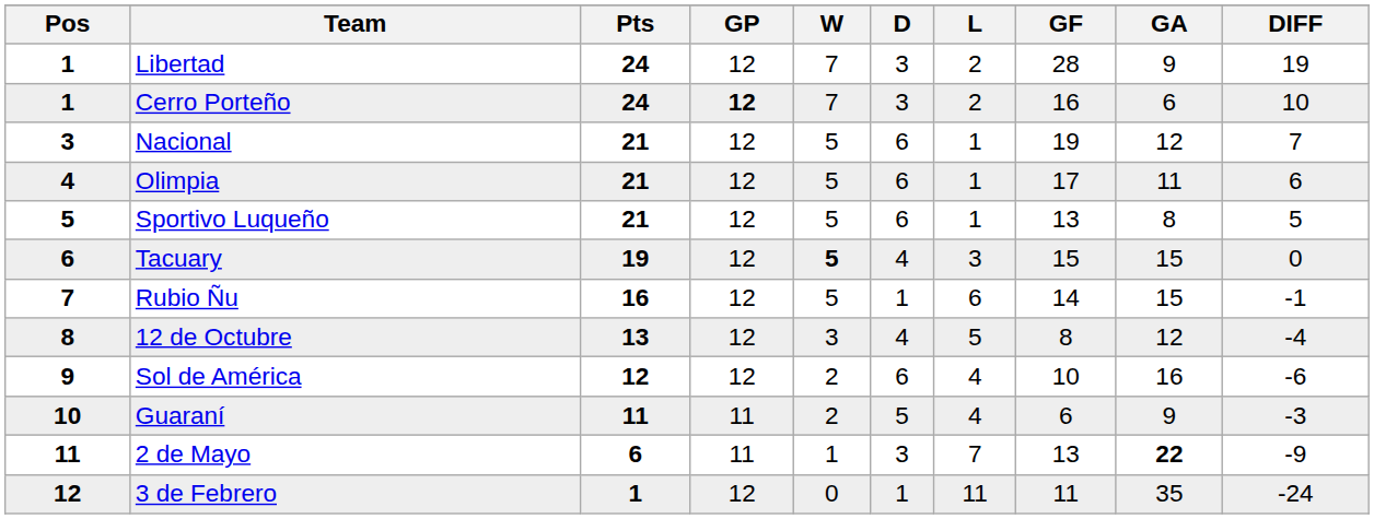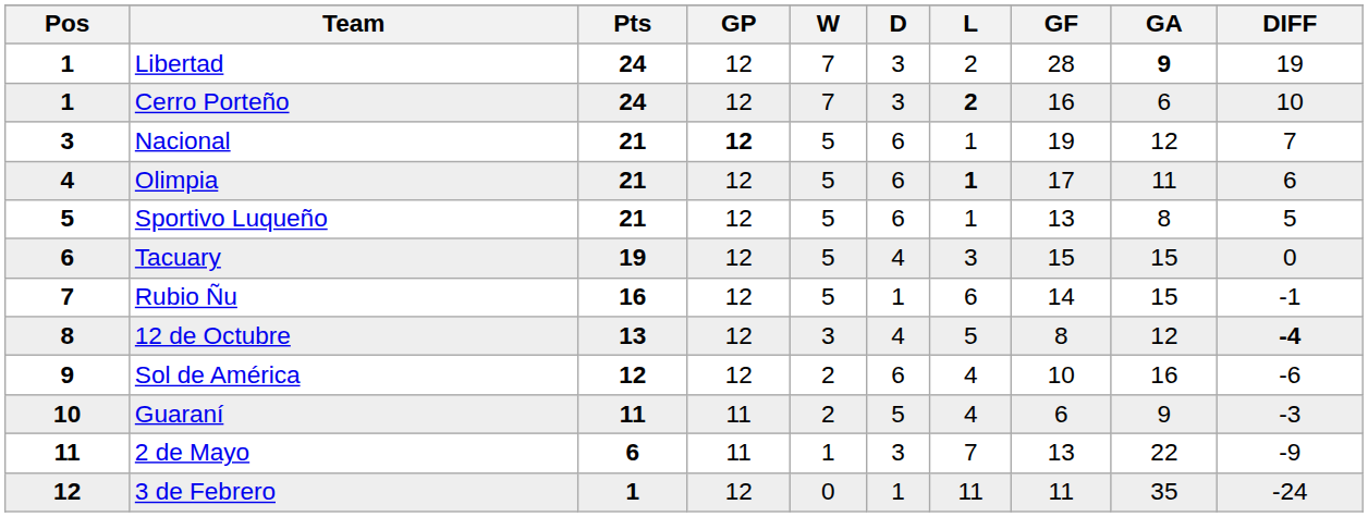 <table class="wikitable" width=70%>
 <tr style="background:#dddddd;">
 </tr>
 <tr style="background:#dddddd;">
 <th>Pos</th>
 <th>Team</th>
 <th>Pts</th>
 <th>GP</th>
 <th>W</th>
 <th>D</th>
 <th>L</th>
 <th>GF</th>
 <th>GA</th>
 <th>DIFF</th>
 </tr>
 <tr align=center style="background:#ffffff;">
 <td><strong>1</strong></td>
 <td align="left"><a href='#'>Libertad</a></td>
 <td><strong>24</strong></td>
 <td>12</td>
 <td>7</td>
 <td>3</td>
 <td>2</td>
 <td>28</td>
-<td>9</td>
+<td><strong>9</strong></td>
 <td>19</td>
 </tr>
 <tr align=center style="background:#eeeeee;">
 <td><strong>1</strong></td>
 <td align="left"><a href='#'>Cerro Porteño</a></td>
 <td><strong>24</strong></td>
-<td><strong>12</strong></td>
+<td>12</td>
 <td>7</td>
 <td>3</td>
-<td>2</td>
+<td><strong>2</strong></td>
 <td>16</td>
 <td>6</td>
 <td>10</td>
 </tr>
 <tr align=center style="background:#ffffff;">
 <td><strong>3</strong></td>
 <td align="left"><a href='#'>Nacional</a></td>
 <td><strong>21</strong></td>
-<td>12</td>
+<td><strong>12</strong></td>
 <td>5</td>
 <td>6</td>
 <td>1</td>
 <td>19</td>
 <td>12</td>
 <td>7</td>
 </tr>
 <tr align=center style="background:#eeeeee;">
 <td><strong>4</strong></td>
 <td align="left"><a href='#'>Olimpia</a></td>
 <td><strong>21</strong></td>
 <td>12</td>
 <td>5</td>
 <td>6</td>
-<td>1</td>
+<td><strong>1</strong></td>
 <td>17</td>
 <td>11</td>
 <td>6</td>
 </tr>
 <tr align=center style="background:#ffffff;">
 <td><strong>5</strong></td>
 <td align="left"><a href='#'>Sportivo Luqueño</a></td>
 <td><strong>21</strong></td>
 <td>12</td>
 <td>5</td>
 <td>6</td>
 <td>1</td>
 <td>13</td>
 <td>8</td>
 <td>5</td>
 </tr>
 <tr align=center style="background:#eeeeee;">
 <td><strong>6</strong></td>
 <td align="left"><a href='#'>Tacuary</a></td>
 <td><strong>19</strong></td>
 <td>12</td>
-<td><strong>5</strong></td>
+<td>5</td>
 <td>4</td>
 <td>3</td>
 <td>15</td>
 <td>15</td>
 <td>0</td>
 </tr>
 <tr align=center style="background:#ffffff;">
 <td><strong>7</strong></td>
 <td align="left"><a href='#'>Rubio Ñu</a></td>
 <td><strong>16</strong></td>
 <td>12</td>
 <td>5</td>
 <td>1</td>
 <td>6</td>
 <td>14</td>
 <td>15</td>
 <td>-1</td>
 </tr>
 <tr align=center style="background:#eeeeee;">
 <td><strong>8</strong></td>
 <td align="left"><a href='#'>12 de Octubre</a></td>
 <td><strong>13</strong></td>
 <td>12</td>
 <td>3</td>
 <td>4</td>
 <td>5</td>
 <td>8</td>
 <td>12</td>
-<td>-4</td>
+<td><strong>-4</strong></td>
 </tr>
 <tr align=center style="background:#ffffff;">
 <td><strong>9</strong></td>
 <td align="left"><a href='#'>Sol de América</a></td>
 <td><strong>12</strong></td>
 <td>12</td>
 <td>2</td>
 <td>6</td>
 <td>4</td>
 <td>10</td>
 <td>16</td>
 <td>-6</td>
 </tr>
 <tr align=center style="background:#eeeeee;">
 <td><strong>10</strong></td>
 <td align="left"><a href='#'>Guaraní</a></td>
 <td><strong>11</strong></td>
 <td>11</td>
 <td>2</td>
 <td>5</td>
 <td>4</td>
 <td>6</td>
 <td>9</td>
 <td>-3</td>
 </tr>
 <tr align=center style="background:#ffffff;">
 <td><strong>11</strong></td>
 <td align="left"><a href='#'>2 de Mayo</a></td>
 <td><strong>6</strong></td>
 <td>11</td>
 <td>1</td>
 <td>3</td>
 <td>7</td>
 <td>13</td>
-<td><strong>22</strong></td>
+<td>22</td>
 <td>-9</td>
 </tr>
 <tr align=center style="background:#eeeeee;">
 <td><strong>12</strong></td>
 <td align="left"><a href='#'>3 de Febrero</a></td>
 <td><strong>1</strong></td>
 <td>12</td>
 <td>0</td>
 <td>1</td>
 <td>11</td>
 <td>11</td>
 <td>35</td>
 <td>-24</td>
 </tr>
 </table>
